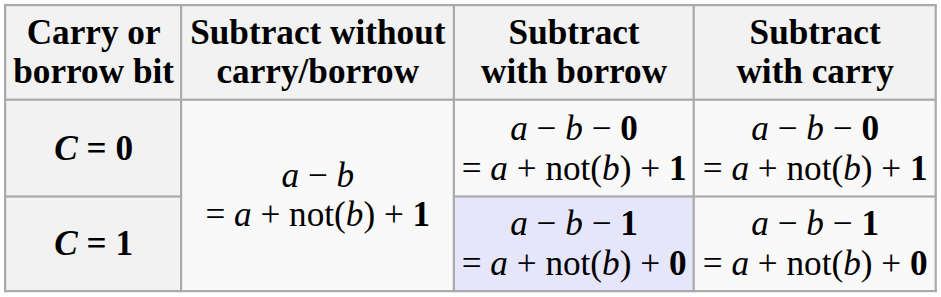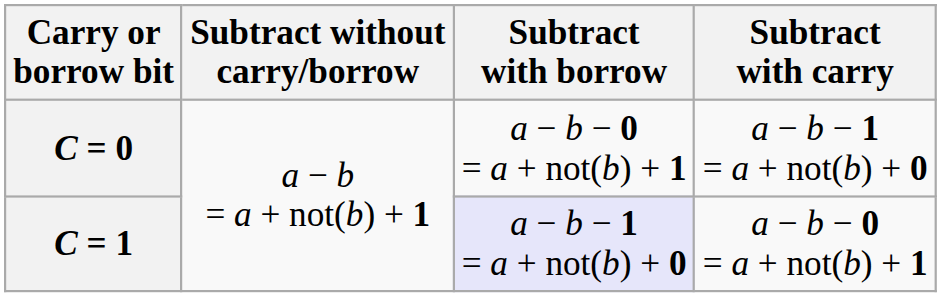 <table class="wikitable" style="margin: 0 auto; text-align: center;">
 <tr>
 <th>Carry or<br>borrow bit</th>
 <th>Subtract without<br>carry/borrow</th>
 <th>Subtract<br>with borrow</th>
 <th>Subtract<br>with carry</th>
 </tr>
 <tr>
 <th><em>C</em> = 0</th>
 <td rowspan=2><em>a</em> − <em>b</em><br>= <em>a</em> + not(<em>b</em>) + <strong>1</strong></td>
 <td><em>a</em> − <em>b</em> − <strong>0</strong><br>= <em>a</em> + not(<em>b</em>) + <strong>1</strong></td>
-<td><em>a</em> − <em>b</em> − <strong>0</strong><br>= <em>a</em> + not(<em>b</em>) + <strong>1</strong></td>
+<td><em>a</em> − <em>b</em> − <strong>1</strong><br>= <em>a</em> + not(<em>b</em>) + <strong>0</strong></td>
 </tr>
 <tr>
 <th><em>C</em> = 1</th>
 <td style="background: lavender;"><em>a</em> − <em>b</em> − <strong>1</strong><br>= <em>a</em> + not(<em>b</em>) + <strong>0</strong></td>
-<td><em>a</em> − <em>b</em> − <strong>1</strong><br>= <em>a</em> + not(<em>b</em>) + <strong>0</strong></td>
+<td><em>a</em> − <em>b</em> − <strong>0</strong><br>= <em>a</em> + not(<em>b</em>) + <strong>1</strong></td>
 </tr>
 </table>
